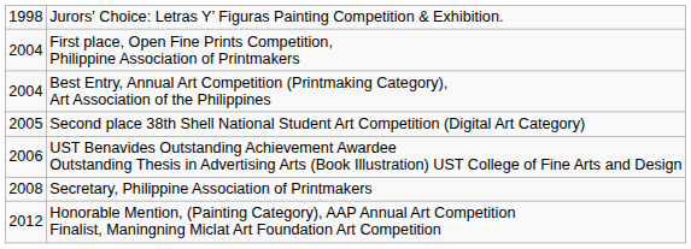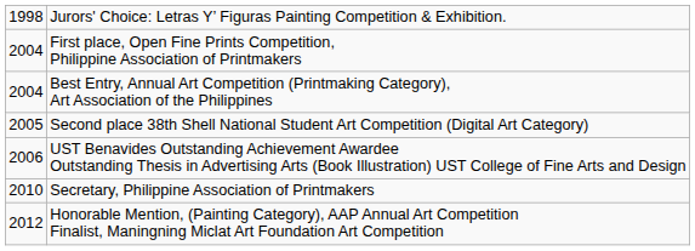 <table class="wikitable">
 <tr>
 <td>1998</td>
 <td>Jurors' Choice: Letras Y’ Figuras Painting Competition & Exhibition.</td>
 </tr>
 <tr>
 <td>2004</td>
 <td>First place, Open Fine Prints Competition,<br>Philippine Association of Printmakers</td>
 </tr>
 <tr>
 <td>2004</td>
 <td>Best Entry, Annual Art Competition (Printmaking Category),<br>Art Association of the Philippines</td>
 </tr>
 <tr>
 <td>2005</td>
 <td>Second place 38th Shell National Student Art Competition (Digital Art Category)</td>
 </tr>
 <tr>
 <td>2006</td>
 <td>UST Benavides Outstanding Achievement Awardee<br>Outstanding Thesis in Advertising Arts (Book Illustration) UST College of Fine Arts and Design</td>
 </tr>
 <tr>
-<td>2008</td>
+<td>2010</td>
 <td>Secretary, Philippine Association of Printmakers</td>
 </tr>
 <tr>
 <td>2012</td>
 <td>Honorable Mention, (Painting Category), AAP Annual Art Competition<br>Finalist, Maningning Miclat Art Foundation Art Competition</td>
 </tr>
 </table>
